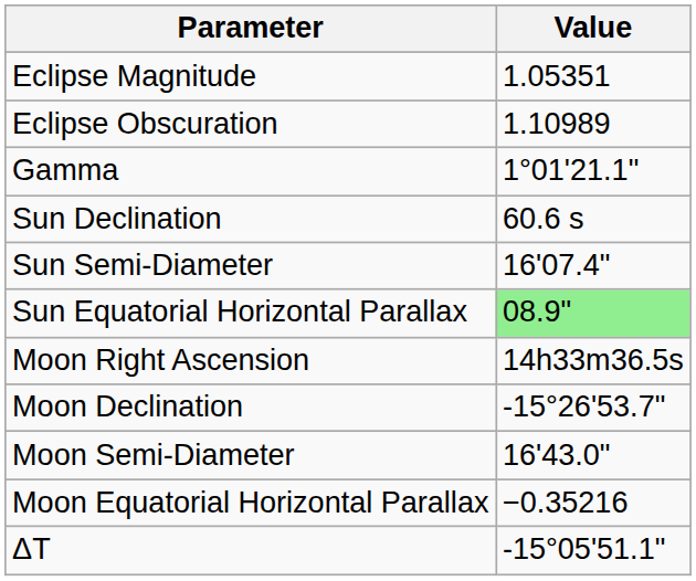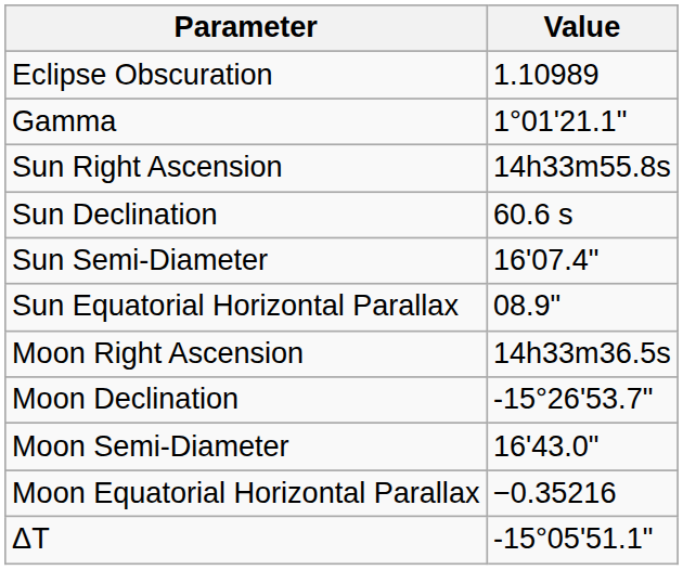 <table class="wikitable">
 <tr>
 <th>Parameter</th>
 <th>Value</th>
-</tr>
-<tr>
-<td>Eclipse Magnitude</td>
-<td>1.05351</td>
 </tr>
 <tr>
 <td>Eclipse Obscuration</td>
 <td>1.10989</td>
 </tr>
 <tr>
 <td>Gamma</td>
 <td>1°01'21.1"</td>
+</tr>
+<tr>
+<td>Sun Right Ascension</td>
+<td>14h33m55.8s</td>
 </tr>
 <tr>
 <td>Sun Declination</td>
 <td>60.6 s</td>
 </tr>
 <tr>
 <td>Sun Semi-Diameter</td>
 <td>16'07.4"</td>
 </tr>
 <tr>
 <td>Sun Equatorial Horizontal Parallax</td>
-<td style="background: lightgreen;">08.9"</td>
+<td>08.9"</td>
 </tr>
 <tr>
 <td>Moon Right Ascension</td>
 <td>14h33m36.5s</td>
 </tr>
 <tr>
 <td>Moon Declination</td>
 <td>-15°26'53.7"</td>
 </tr>
 <tr>
 <td>Moon Semi-Diameter</td>
 <td>16'43.0"</td>
 </tr>
 <tr>
 <td>Moon Equatorial Horizontal Parallax</td>
 <td>−0.35216</td>
 </tr>
 <tr>
 <td>ΔT</td>
 <td>-15°05'51.1"</td>
 </tr>
 </table>
